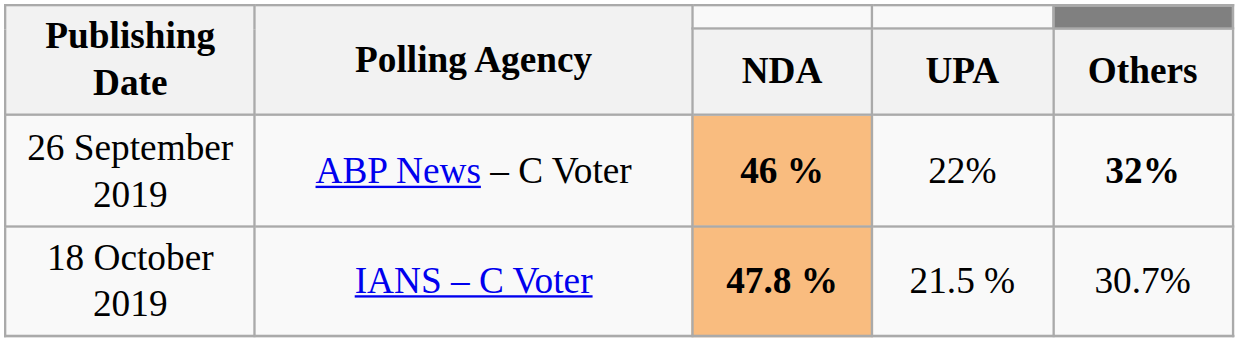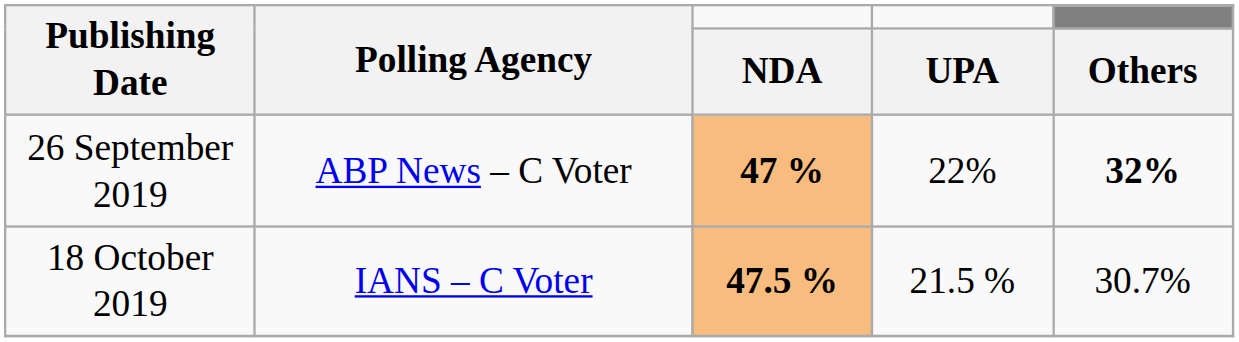 <table class="wikitable sortable" style="text-align:center;font-size:100%;line-height:20px;">
 <tr>
 <th class="wikitable" rowspan="2" style="width:100px;">Publishing Date</th>
 <th rowspan="2" class="wikitable" style="width:180px;">Polling Agency</th>
 <td></td>
 <td></td>
 <td style="background:gray;"></td>
 </tr>
 <tr>
 <th class="wikitable" style="width:70px;">NDA</th>
 <th class="wikitable" style="width:70px;">UPA</th>
 <th class="wikitable" style="width:70px;">Others</th>
 </tr>
 <tr>
 <td>26 September 2019</td>
 <td><a href='#'>ABP News</a> – C Voter</td>
-<td style="background:#F9BC7F"><strong>46 %</strong></td>
+<td style="background:#F9BC7F"><strong>47 %</strong></td>
 <td>22%</td>
 <td><strong>32%</strong></td>
 </tr>
 <tr>
 <td>18 October 2019</td>
 <td><a href='#'>IANS – C Voter</a></td>
-<td style="background:#F9BC7F"><strong>47.8 %</strong></td>
+<td style="background:#F9BC7F"><strong>47.5 %</strong></td>
 <td>21.5 %</td>
 <td>30.7%</td>
 </tr>
 <tr>
 </tr>
 </table>
